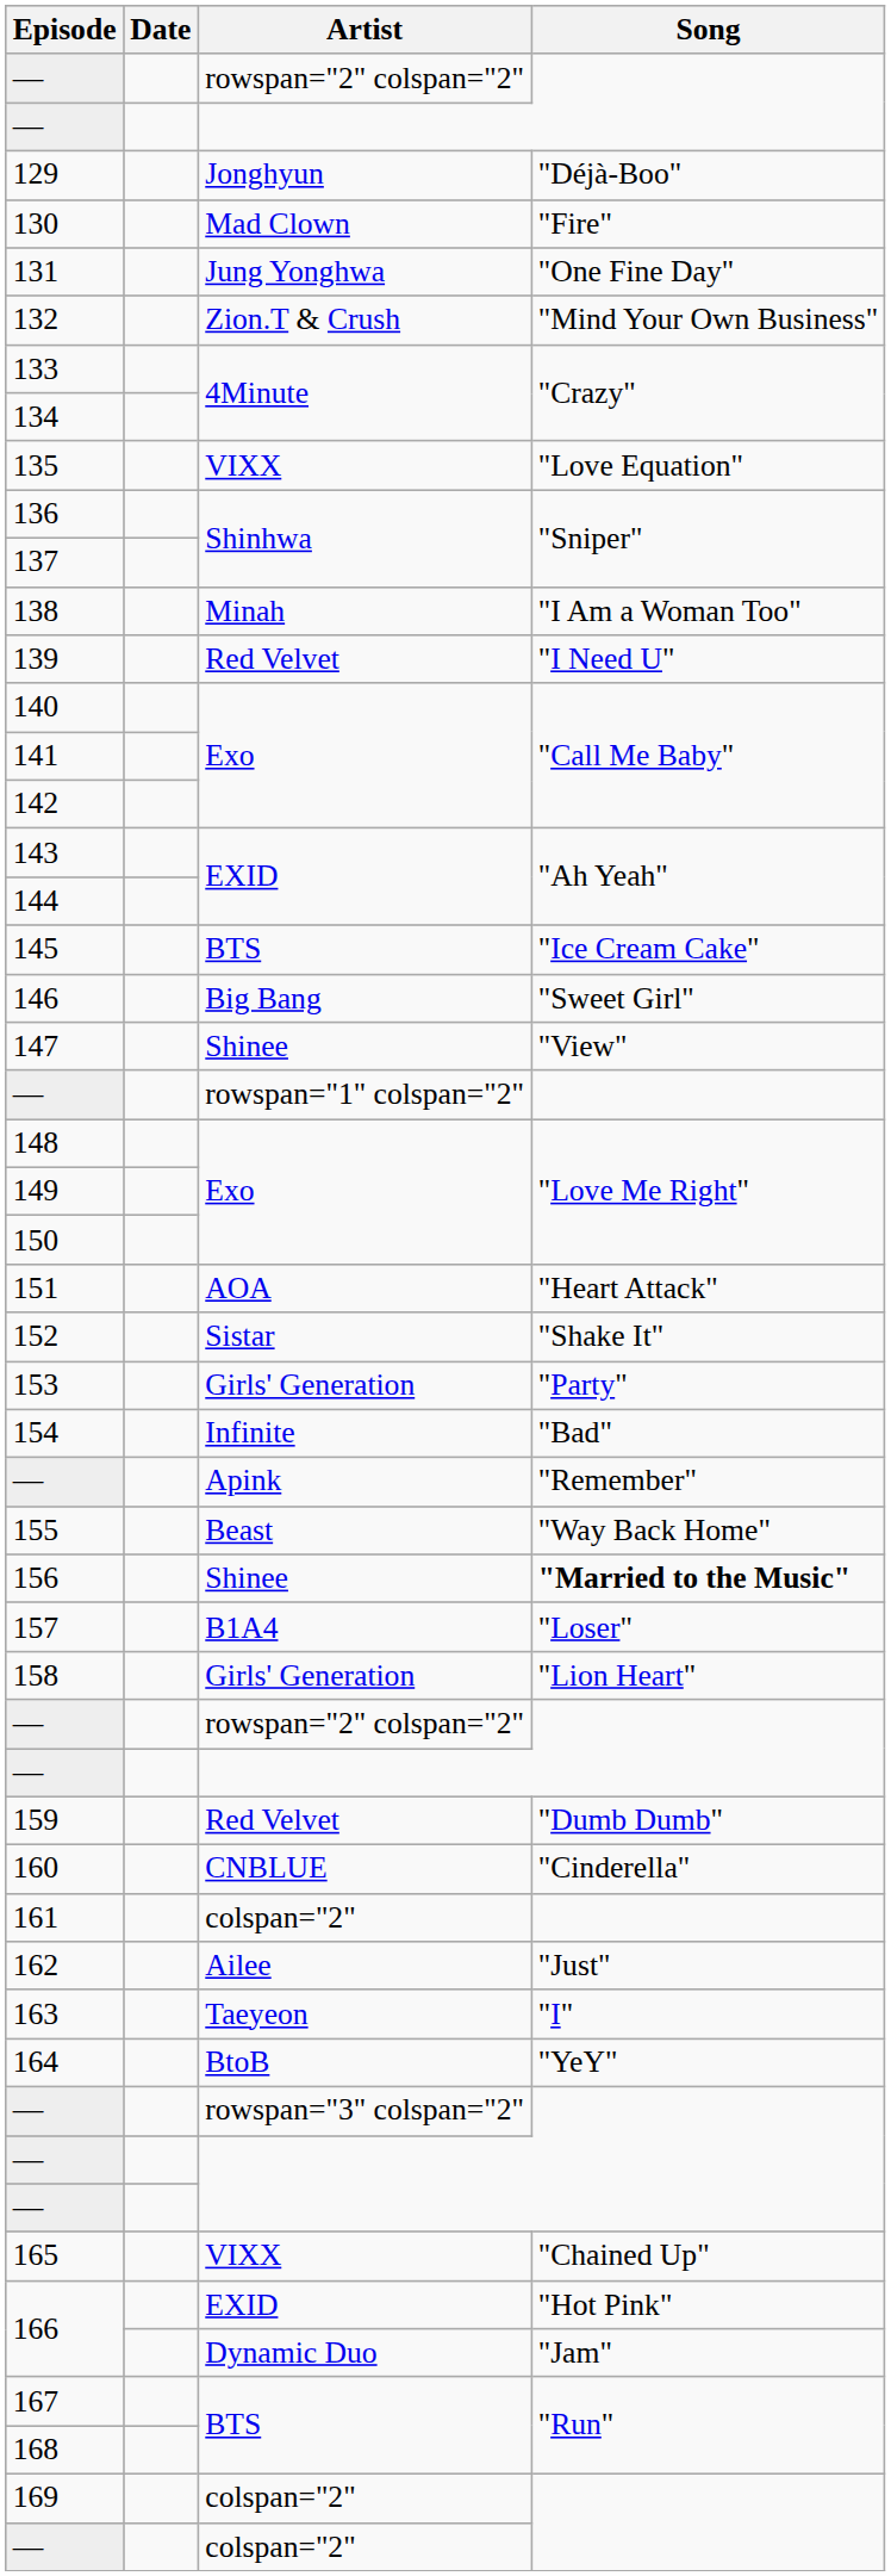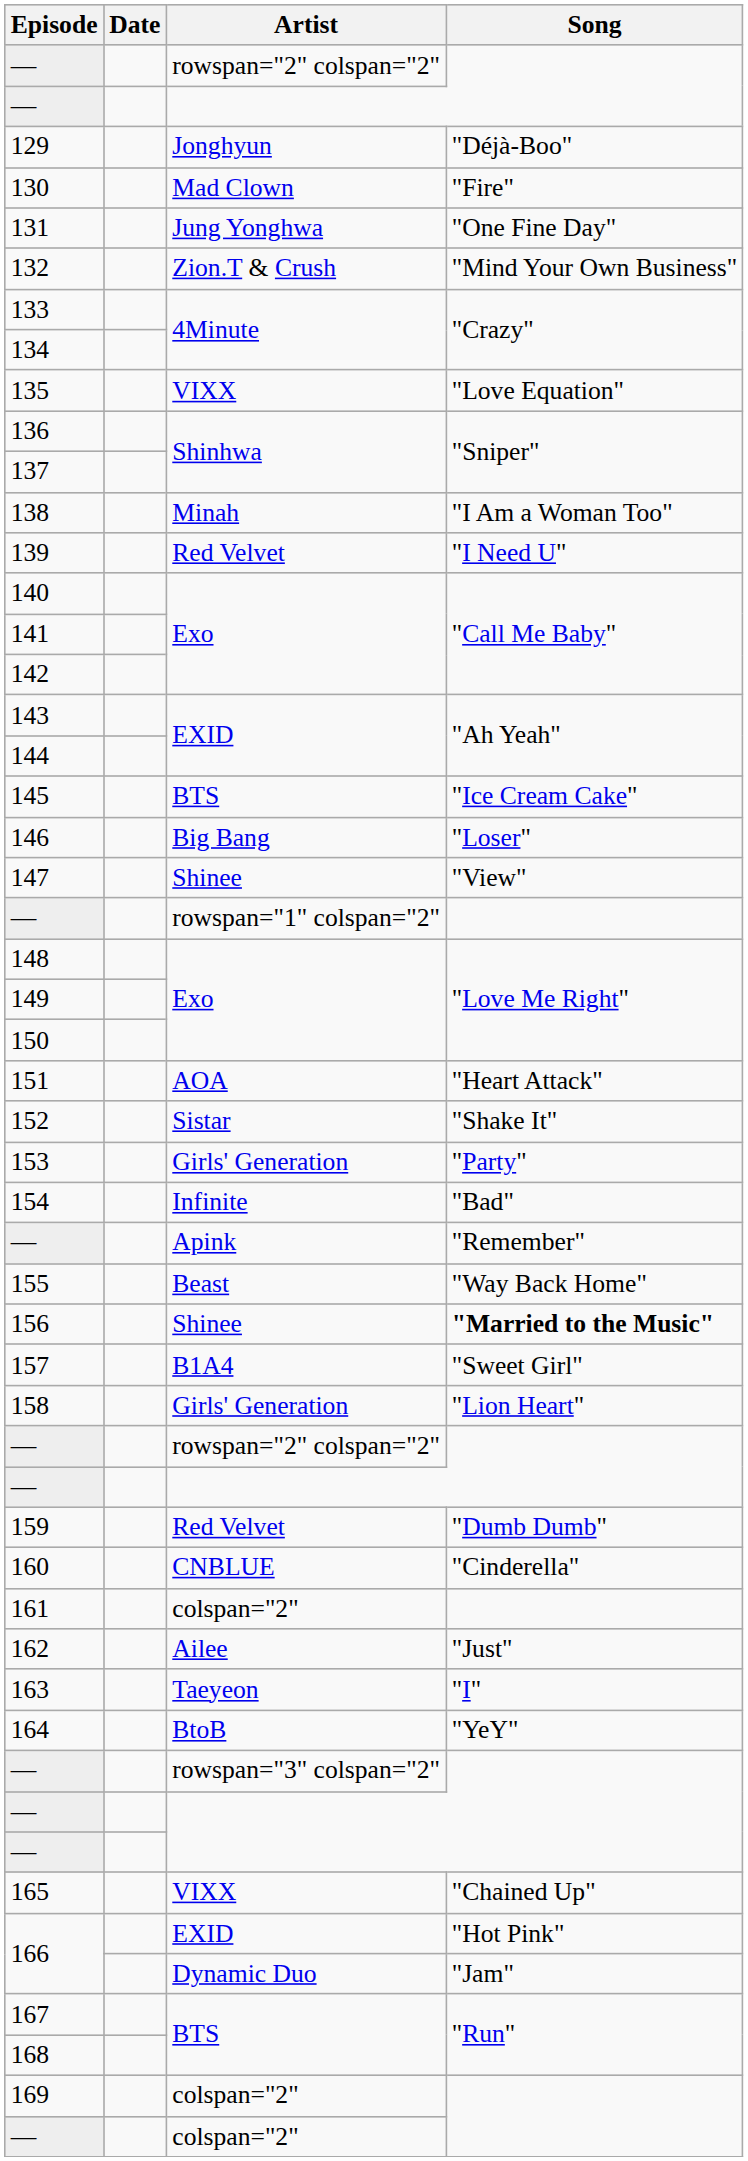 <table class="sortable wikitable">
 <tr>
 <th>Episode</th>
 <th>Date</th>
 <th>Artist</th>
 <th>Song</th>
 </tr>
 <tr>
 <td style="background:#eee;">—</td>
 <td></td>
 <td>rowspan="2" colspan="2" </td>
 </tr>
 <tr>
 <td style="background:#eee;">—</td>
 <td></td>
 </tr>
 <tr>
 <td>129</td>
 <td></td>
 <td><a href='#'>Jonghyun</a></td>
 <td>"Déjà-Boo"</td>
 </tr>
 <tr>
 <td>130</td>
 <td></td>
 <td><a href='#'>Mad Clown</a></td>
 <td>"Fire"</td>
 </tr>
 <tr>
 <td>131</td>
 <td></td>
 <td><a href='#'>Jung Yonghwa</a></td>
 <td>"One Fine Day"</td>
 </tr>
 <tr>
 <td>132</td>
 <td></td>
 <td><a href='#'>Zion.T</a> & <a href='#'>Crush</a></td>
 <td>"Mind Your Own Business"</td>
 </tr>
 <tr>
 <td>133</td>
 <td></td>
 <td rowspan="2"><a href='#'>4Minute</a></td>
 <td rowspan="2">"Crazy"</td>
 </tr>
 <tr>
 <td>134</td>
 <td></td>
 </tr>
 <tr>
 <td>135</td>
 <td></td>
 <td><a href='#'>VIXX</a></td>
 <td>"Love Equation"</td>
 </tr>
 <tr>
 <td>136</td>
 <td></td>
 <td rowspan="2"><a href='#'>Shinhwa</a></td>
 <td rowspan="2">"Sniper"</td>
 </tr>
 <tr>
 <td>137</td>
 <td></td>
 </tr>
 <tr>
 <td>138</td>
 <td></td>
 <td><a href='#'>Minah</a></td>
 <td>"I Am a Woman Too"</td>
 </tr>
 <tr>
 <td>139</td>
 <td></td>
 <td><a href='#'>Red Velvet</a></td>
 <td>"<a href='#'>I Need U</a>"</td>
 </tr>
 <tr>
 <td>140</td>
 <td></td>
 <td rowspan="3"><a href='#'>Exo</a></td>
 <td rowspan="3">"<a href='#'>Call Me Baby</a>"</td>
 </tr>
 <tr>
 <td>141</td>
 <td></td>
 </tr>
 <tr>
 <td>142</td>
 <td></td>
 </tr>
 <tr>
 <td>143</td>
 <td></td>
 <td rowspan="2"><a href='#'>EXID</a></td>
 <td rowspan="2">"Ah Yeah"</td>
 </tr>
 <tr>
 <td>144</td>
 <td></td>
 </tr>
 <tr>
 <td>145</td>
 <td></td>
 <td><a href='#'>BTS</a></td>
 <td>"<a href='#'>Ice Cream Cake</a>"</td>
 </tr>
 <tr>
 <td>146</td>
 <td></td>
 <td><a href='#'>Big Bang</a></td>
-<td>"Sweet Girl"</td>
+<td>"<a href='#'>Loser</a>"</td>
 </tr>
 <tr>
 <td>147</td>
 <td></td>
 <td><a href='#'>Shinee</a></td>
 <td>"View"</td>
 </tr>
 <tr>
 <td style="background:#eee;">—</td>
 <td></td>
 <td>rowspan="1" colspan="2" </td>
 </tr>
 <tr>
 <td>148</td>
 <td></td>
 <td rowspan="3"><a href='#'>Exo</a></td>
 <td rowspan="3">"<a href='#'>Love Me Right</a>"</td>
 </tr>
 <tr>
 <td>149</td>
 <td></td>
 </tr>
 <tr>
 <td>150</td>
 <td></td>
 </tr>
 <tr>
 <td>151</td>
 <td></td>
 <td><a href='#'>AOA</a></td>
 <td>"Heart Attack"</td>
 </tr>
 <tr>
 <td>152</td>
 <td></td>
 <td><a href='#'>Sistar</a></td>
 <td>"Shake It"</td>
 </tr>
 <tr>
 <td>153</td>
 <td></td>
 <td><a href='#'>Girls' Generation</a></td>
 <td>"<a href='#'>Party</a>"</td>
 </tr>
 <tr>
 <td>154</td>
 <td></td>
 <td><a href='#'>Infinite</a></td>
 <td>"Bad"</td>
 </tr>
 <tr>
 <td style="background:#eee;">—</td>
 <td></td>
 <td><a href='#'>Apink</a></td>
 <td>"Remember"</td>
 </tr>
 <tr>
 <td>155</td>
 <td></td>
 <td><a href='#'>Beast</a></td>
 <td>"Way Back Home"</td>
 </tr>
 <tr>
 <td>156</td>
 <td></td>
 <td><a href='#'>Shinee</a></td>
 <td><strong>"Married to the Music"</strong></td>
 </tr>
 <tr>
 <td>157</td>
 <td></td>
 <td><a href='#'>B1A4</a></td>
-<td>"<a href='#'>Loser</a>"</td>
+<td>"Sweet Girl"</td>
 </tr>
 <tr>
 <td>158</td>
 <td></td>
 <td><a href='#'>Girls' Generation</a></td>
 <td>"<a href='#'>Lion Heart</a>"</td>
 </tr>
 <tr>
 <td style="background:#eee;">—</td>
 <td></td>
 <td>rowspan="2" colspan="2" </td>
 </tr>
 <tr>
 <td style="background:#eee;">—</td>
 <td></td>
 </tr>
 <tr>
 <td>159</td>
 <td></td>
 <td><a href='#'>Red Velvet</a></td>
 <td>"<a href='#'>Dumb Dumb</a>"</td>
 </tr>
 <tr>
 <td>160</td>
 <td></td>
 <td><a href='#'>CNBLUE</a></td>
 <td>"Cinderella"</td>
 </tr>
 <tr>
 <td>161</td>
 <td></td>
 <td>colspan="2" </td>
 </tr>
 <tr>
 <td>162</td>
 <td></td>
 <td><a href='#'>Ailee</a></td>
 <td>"Just"</td>
 </tr>
 <tr>
 <td>163</td>
 <td></td>
 <td><a href='#'>Taeyeon</a></td>
 <td>"<a href='#'>I</a>"</td>
 </tr>
 <tr>
 <td>164</td>
 <td></td>
 <td><a href='#'>BtoB</a></td>
 <td>"YeY"</td>
 </tr>
 <tr>
 <td style="background:#eee;">—</td>
 <td></td>
 <td>rowspan="3" colspan="2" </td>
 </tr>
 <tr>
 <td style="background:#eee;">—</td>
 <td></td>
 </tr>
 <tr>
 <td style="background:#eee;">—</td>
 <td></td>
 </tr>
 <tr>
 <td>165</td>
 <td></td>
 <td><a href='#'>VIXX</a></td>
 <td>"Chained Up"</td>
 </tr>
 <tr>
 <td rowspan="2">166</td>
 <td></td>
 <td><a href='#'>EXID</a></td>
 <td>"Hot Pink"</td>
 </tr>
 <tr>
 <td></td>
 <td><a href='#'>Dynamic Duo</a></td>
 <td>"Jam"</td>
 </tr>
 <tr>
 <td>167</td>
 <td></td>
 <td rowspan="2"><a href='#'>BTS</a></td>
 <td rowspan="2">"<a href='#'>Run</a>"</td>
 </tr>
 <tr>
 <td>168</td>
 <td></td>
 </tr>
 <tr>
 <td>169</td>
 <td></td>
 <td>colspan="2" </td>
 </tr>
 <tr>
 <td style="background:#eee;">—</td>
 <td></td>
 <td>colspan="2" </td>
 </tr>
 <tr>
 </tr>
 </table>
